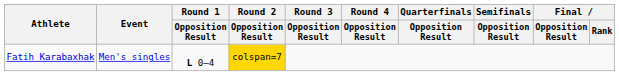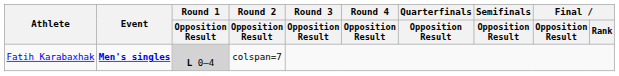 <table class="wikitable" style="text-align:center; font-size:90%">
 <tr>
 <th rowspan=2>Athlete</th>
 <th rowspan=2>Event</th>
 <th>Round 1</th>
 <th>Round 2</th>
 <th>Round 3</th>
 <th>Round 4</th>
 <th>Quarterfinals</th>
 <th>Semifinals</th>
 <th colspan=2>Final / </th>
 </tr>
 <tr style="font-size:95%">
 <th>Opposition<br>Result</th>
 <th>Opposition<br>Result</th>
 <th>Opposition<br>Result</th>
 <th>Opposition<br>Result</th>
 <th>Opposition<br>Result</th>
 <th>Opposition<br>Result</th>
 <th>Opposition<br>Result</th>
 <th>Rank</th>
 </tr>
 <tr>
 <td align=left><a href='#'>Fatih Karabaxhak</a></td>
-<td><a href='#'>Men's singles</a></td>
-<td><br><strong>L</strong> 0–4</td>
-<td style="background: gold;">colspan=7 </td>
+<td><strong><a href='#'>Men's singles</a></strong></td>
+<td style="background: lightgrey;"><br><strong>L</strong> 0–4</td>
+<td>colspan=7 </td>
 </tr>
 </table>
